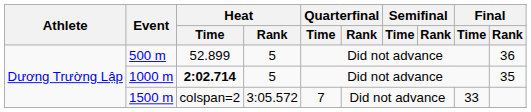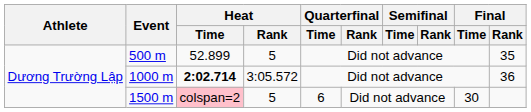 <table class="wikitable" style="font-size:90%">
 <tr>
 <th rowspan=2>Athlete</th>
 <th rowspan=2>Event</th>
 <th colspan=2>Heat</th>
 <th colspan=2>Quarterfinal</th>
 <th colspan=2>Semifinal</th>
 <th colspan=2>Final</th>
 </tr>
 <tr style="font-size:95%">
 <th>Time</th>
 <th>Rank</th>
 <th>Time</th>
 <th>Rank</th>
 <th>Time</th>
 <th>Rank</th>
 <th>Time</th>
 <th>Rank</th>
 </tr>
 <tr align=center>
 <td align=left rowspan=3><a href='#'>Dương Trường Lập</a></td>
 <td align=left><a href='#'>500 m</a></td>
 <td>52.899</td>
 <td>5</td>
 <td colspan=5>Did not advance</td>
-<td>36</td>
+<td>35</td>
 </tr>
 <tr align=center>
 <td align=left><a href='#'>1000 m</a></td>
 <td><strong>2:02.714</strong></td>
-<td>5</td>
+<td>3:05.572</td>
 <td colspan=5>Did not advance</td>
-<td>35</td>
+<td>36</td>
 </tr>
 <tr align=center>
 <td align=left><a href='#'>1500 m</a></td>
-<td>colspan=2 </td>
-<td>3:05.572</td>
-<td>7</td>
+<td style="background: pink;">colspan=2 </td>
+<td>5</td>
+<td>6</td>
 <td colspan=3>Did not advance</td>
-<td>33</td>
+<td>30</td>
 </tr>
 </table>
